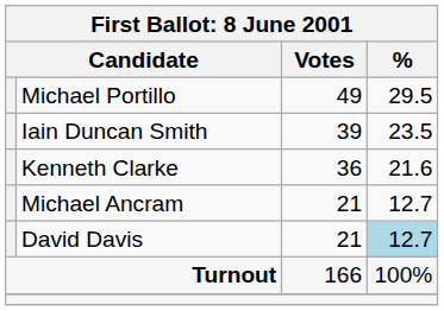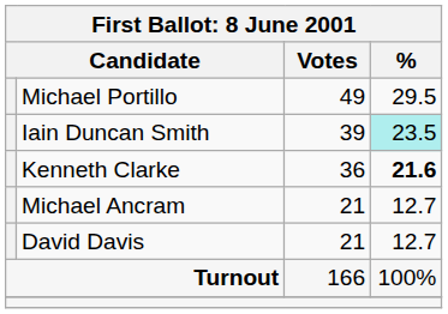 <table class="wikitable" style="font-size: 95%;">
 <tr>
 <th colspan="4">First Ballot: 8 June 2001</th>
 </tr>
 <tr>
 <th colspan="2" style="width: 170px">Candidate</th>
 <th style="width: 50px">Votes</th>
 <th style="width: 40px">%</th>
 </tr>
 <tr>
 <th style="background-color: "></th>
 <td style="width: 170px">Michael Portillo</td>
 <td align="right">49</td>
 <td align="right">29.5</td>
 </tr>
 <tr>
 <th style="background-color: "></th>
 <td style="width: 170px">Iain Duncan Smith</td>
 <td align="right">39</td>
-<td align="right">23.5</td>
+<td align="right" style="background: paleturquoise;">23.5</td>
 </tr>
 <tr>
 <th style="background-color: "></th>
 <td style="width: 170px">Kenneth Clarke</td>
 <td align="right">36</td>
-<td align="right">21.6</td>
+<td align="right"><strong>21.6</strong></td>
 </tr>
 <tr>
 <th style="background-color: "></th>
 <td style="width: 170px">Michael Ancram</td>
 <td align="right">21</td>
 <td align="right">12.7</td>
 </tr>
 <tr>
 <th style="background-color: "></th>
 <td style="width: 170px">David Davis</td>
 <td align="right">21</td>
-<td align="right" style="background: lightblue;">12.7</td>
+<td align="right">12.7</td>
 </tr>
 <tr style="background-color:#F6F6F6">
 <td colspan="2" align="right"><strong>Turnout</strong></td>
 <td align="right">166</td>
 <td align="right">100%</td>
 </tr>
 <tr>
 </tr>
 <tr style="background-color:#F6F6F6">
 <td colspan="4"></td>
 </tr>
 <tr>
 </tr>
 </table>
